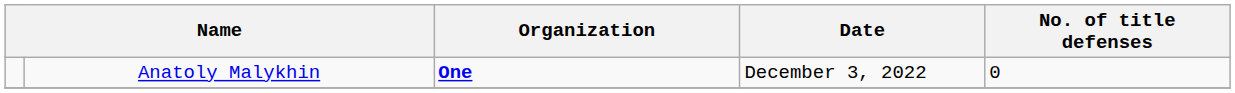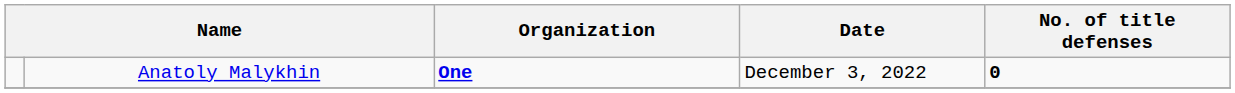 <table class="wikitable" style="width:95%; margin-left:40px;">
 <tr>
 <th colspan="2" style="width:35%;">Name</th>
 <th style="width:25%;">Organization</th>
 <th width=20%>Date</th>
 <th width=20%>No. of title defenses</th>
 </tr>
 <tr>
 <td style="text-align:center;" (fighter)><br></td>
 <td style="text-align:center;"><a href='#'>Anatoly Malykhin</a><br></td>
 <td><strong><a href='#'>One</a></strong></td>
 <td>December 3, 2022</td>
-<td>0</td>
+<td><strong>0</strong></td>
 </tr>
 <tr>
 </tr>
 </table>
